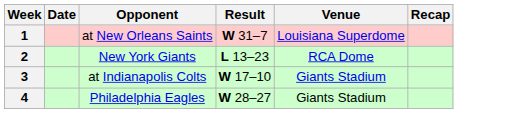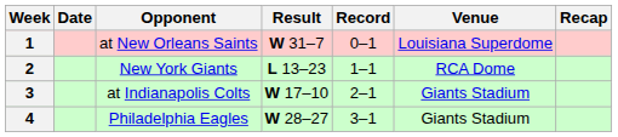 <table class="wikitable"style="text-align:center">
 <tr>
 <th>Week</th>
 <th>Date</th>
 <th>Opponent</th>
 <th>Result</th>
+<th>Record</th>
 <th>Venue</th>
 <th>Recap</th>
 </tr>
 <tr style="background:#fcc">
 <th>1</th>
 <td></td>
 <td>at <a href='#'>New Orleans Saints</a></td>
 <td><strong>W</strong> 31–7</td>
+<td>0–1</td>
 <td><a href='#'>Louisiana Superdome</a></td>
 <td></td>
 </tr>
 <tr style="background:#cfc">
 <th>2</th>
 <td></td>
 <td><a href='#'>New York Giants</a></td>
 <td><strong>L</strong> 13–23</td>
+<td>1–1</td>
 <td><a href='#'>RCA Dome</a></td>
 <td></td>
 </tr>
 <tr style="background:#cfc">
 <th>3</th>
 <td></td>
 <td>at <a href='#'>Indianapolis Colts</a></td>
 <td><strong>W</strong> 17–10</td>
+<td>2–1</td>
 <td><a href='#'>Giants Stadium</a></td>
 <td></td>
 </tr>
 <tr style="background:#cfc">
 <th>4</th>
 <td></td>
 <td><a href='#'>Philadelphia Eagles</a></td>
 <td><strong>W</strong> 28–27</td>
+<td>3–1</td>
 <td>Giants Stadium</td>
 <td></td>
 </tr>
 </table>
